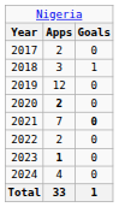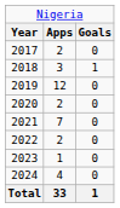 <table class="wikitable" style="text-align:center">
 <tr>
 <td colspan="3"><a href='#'>Nigeria</a></td>
 </tr>
 <tr>
 <th>Year</th>
 <th>Apps</th>
 <th>Goals</th>
 </tr>
 <tr>
 <td>2017</td>
 <td>2</td>
 <td>0</td>
 </tr>
 <tr>
 <td>2018</td>
 <td>3</td>
 <td>1</td>
 </tr>
 <tr>
 <td>2019</td>
 <td>12</td>
 <td>0</td>
 </tr>
 <tr>
 <td>2020</td>
-<td><strong>2</strong></td>
+<td>2</td>
 <td>0</td>
 </tr>
 <tr>
 <td>2021</td>
 <td>7</td>
-<td><strong>0</strong></td>
+<td>0</td>
 </tr>
 <tr>
 <td>2022</td>
 <td>2</td>
 <td>0</td>
 </tr>
 <tr>
 <td>2023</td>
-<td><strong>1</strong></td>
+<td>1</td>
 <td>0</td>
 </tr>
 <tr>
 <td>2024</td>
 <td>4</td>
 <td>0</td>
 </tr>
 <tr>
 <th>Total</th>
 <th>33</th>
 <th>1</th>
 </tr>
 </table>
